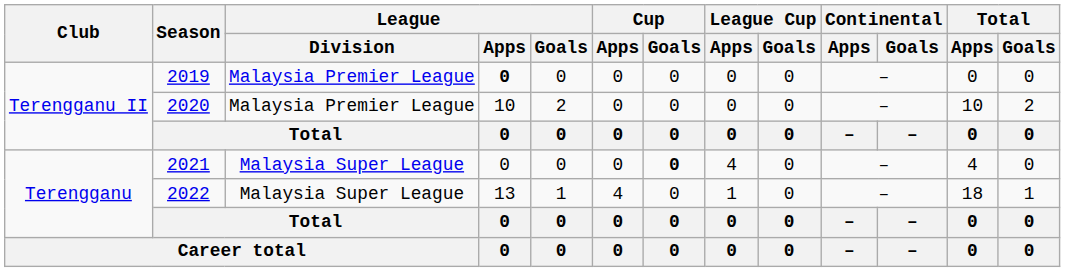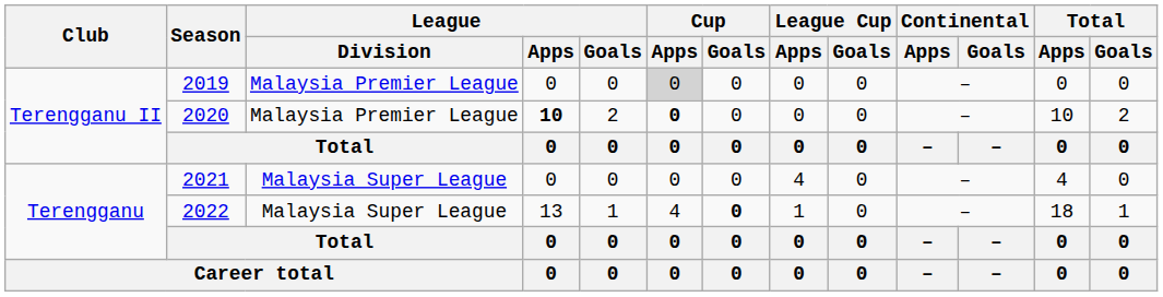 <table class=wikitable style="text-align:center">
 <tr>
 <th rowspan=2>Club</th>
 <th rowspan=2>Season</th>
 <th colspan=3>League</th>
 <th colspan=2>Cup</th>
 <th colspan=2>League Cup</th>
 <th colspan=2>Continental</th>
 <th colspan=2>Total</th>
 </tr>
 <tr>
 <th>Division</th>
 <th>Apps</th>
 <th>Goals</th>
 <th>Apps</th>
 <th>Goals</th>
 <th>Apps</th>
 <th>Goals</th>
 <th>Apps</th>
 <th>Goals</th>
 <th>Apps</th>
 <th>Goals</th>
 </tr>
 <tr>
 <td rowspan=3><a href='#'>Terengganu II</a></td>
 <td><a href='#'>2019</a></td>
 <td><a href='#'>Malaysia Premier League</a></td>
-<td><strong>0</strong></td>
 <td>0</td>
 <td>0</td>
+<td style="background: lightgrey;">0</td>
 <td>0</td>
 <td>0</td>
 <td>0</td>
 <td colspan=2>–</td>
 <td>0</td>
 <td>0</td>
 </tr>
 <tr>
 <td><a href='#'>2020</a></td>
 <td>Malaysia Premier League</td>
-<td>10</td>
+<td><strong>10</strong></td>
 <td>2</td>
-<td>0</td>
+<td><strong>0</strong></td>
 <td>0</td>
 <td>0</td>
 <td>0</td>
 <td colspan=2>–</td>
 <td>10</td>
 <td>2</td>
 </tr>
 <tr>
 <th colspan="2">Total</th>
 <th>0</th>
 <th>0</th>
 <th>0</th>
 <th>0</th>
 <th>0</th>
 <th>0</th>
 <th>–</th>
 <th>–</th>
 <th>0</th>
 <th>0</th>
 </tr>
 <tr>
 <td rowspan=3><a href='#'>Terengganu</a></td>
 <td><a href='#'>2021</a></td>
 <td><a href='#'>Malaysia Super League</a></td>
 <td>0</td>
 <td>0</td>
 <td>0</td>
-<td><strong>0</strong></td>
+<td>0</td>
 <td>4</td>
 <td>0</td>
 <td colspan=2>–</td>
 <td>4</td>
 <td>0</td>
 </tr>
 <tr>
 <td><a href='#'>2022</a></td>
 <td>Malaysia Super League</td>
 <td>13</td>
 <td>1</td>
 <td>4</td>
-<td>0</td>
+<td><strong>0</strong></td>
 <td>1</td>
 <td>0</td>
 <td colspan=2>–</td>
 <td>18</td>
 <td>1</td>
 </tr>
 <tr>
 <th colspan="2">Total</th>
 <th>0</th>
 <th>0</th>
 <th>0</th>
 <th>0</th>
 <th>0</th>
 <th>0</th>
 <th>–</th>
 <th>–</th>
 <th>0</th>
 <th>0</th>
 </tr>
 <tr>
 <th colspan="3">Career total</th>
 <th>0</th>
 <th>0</th>
 <th>0</th>
 <th>0</th>
 <th>0</th>
 <th>0</th>
 <th>–</th>
 <th>–</th>
 <th>0</th>
 <th>0</th>
 </tr>
 </table>
